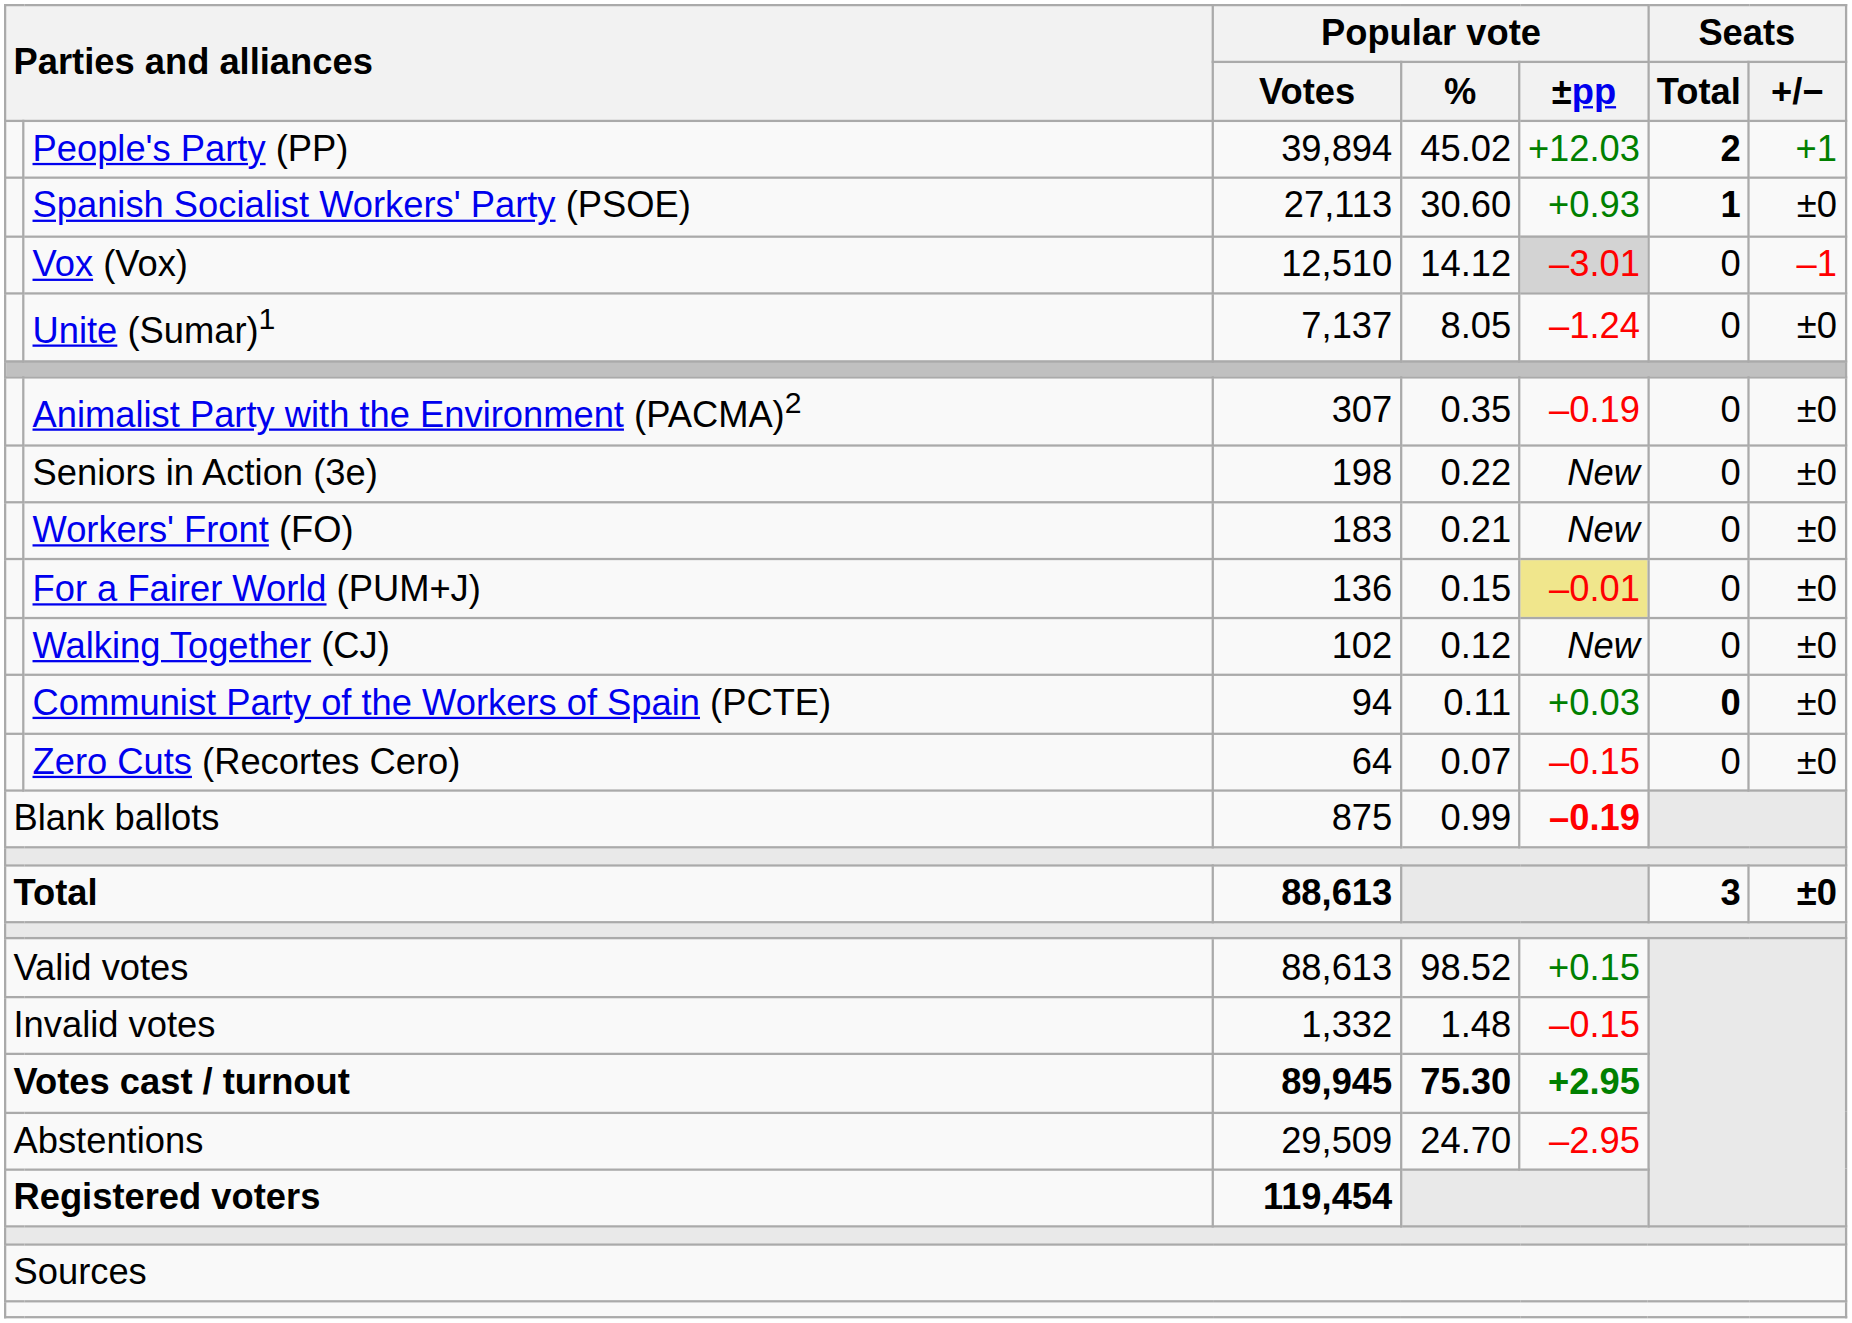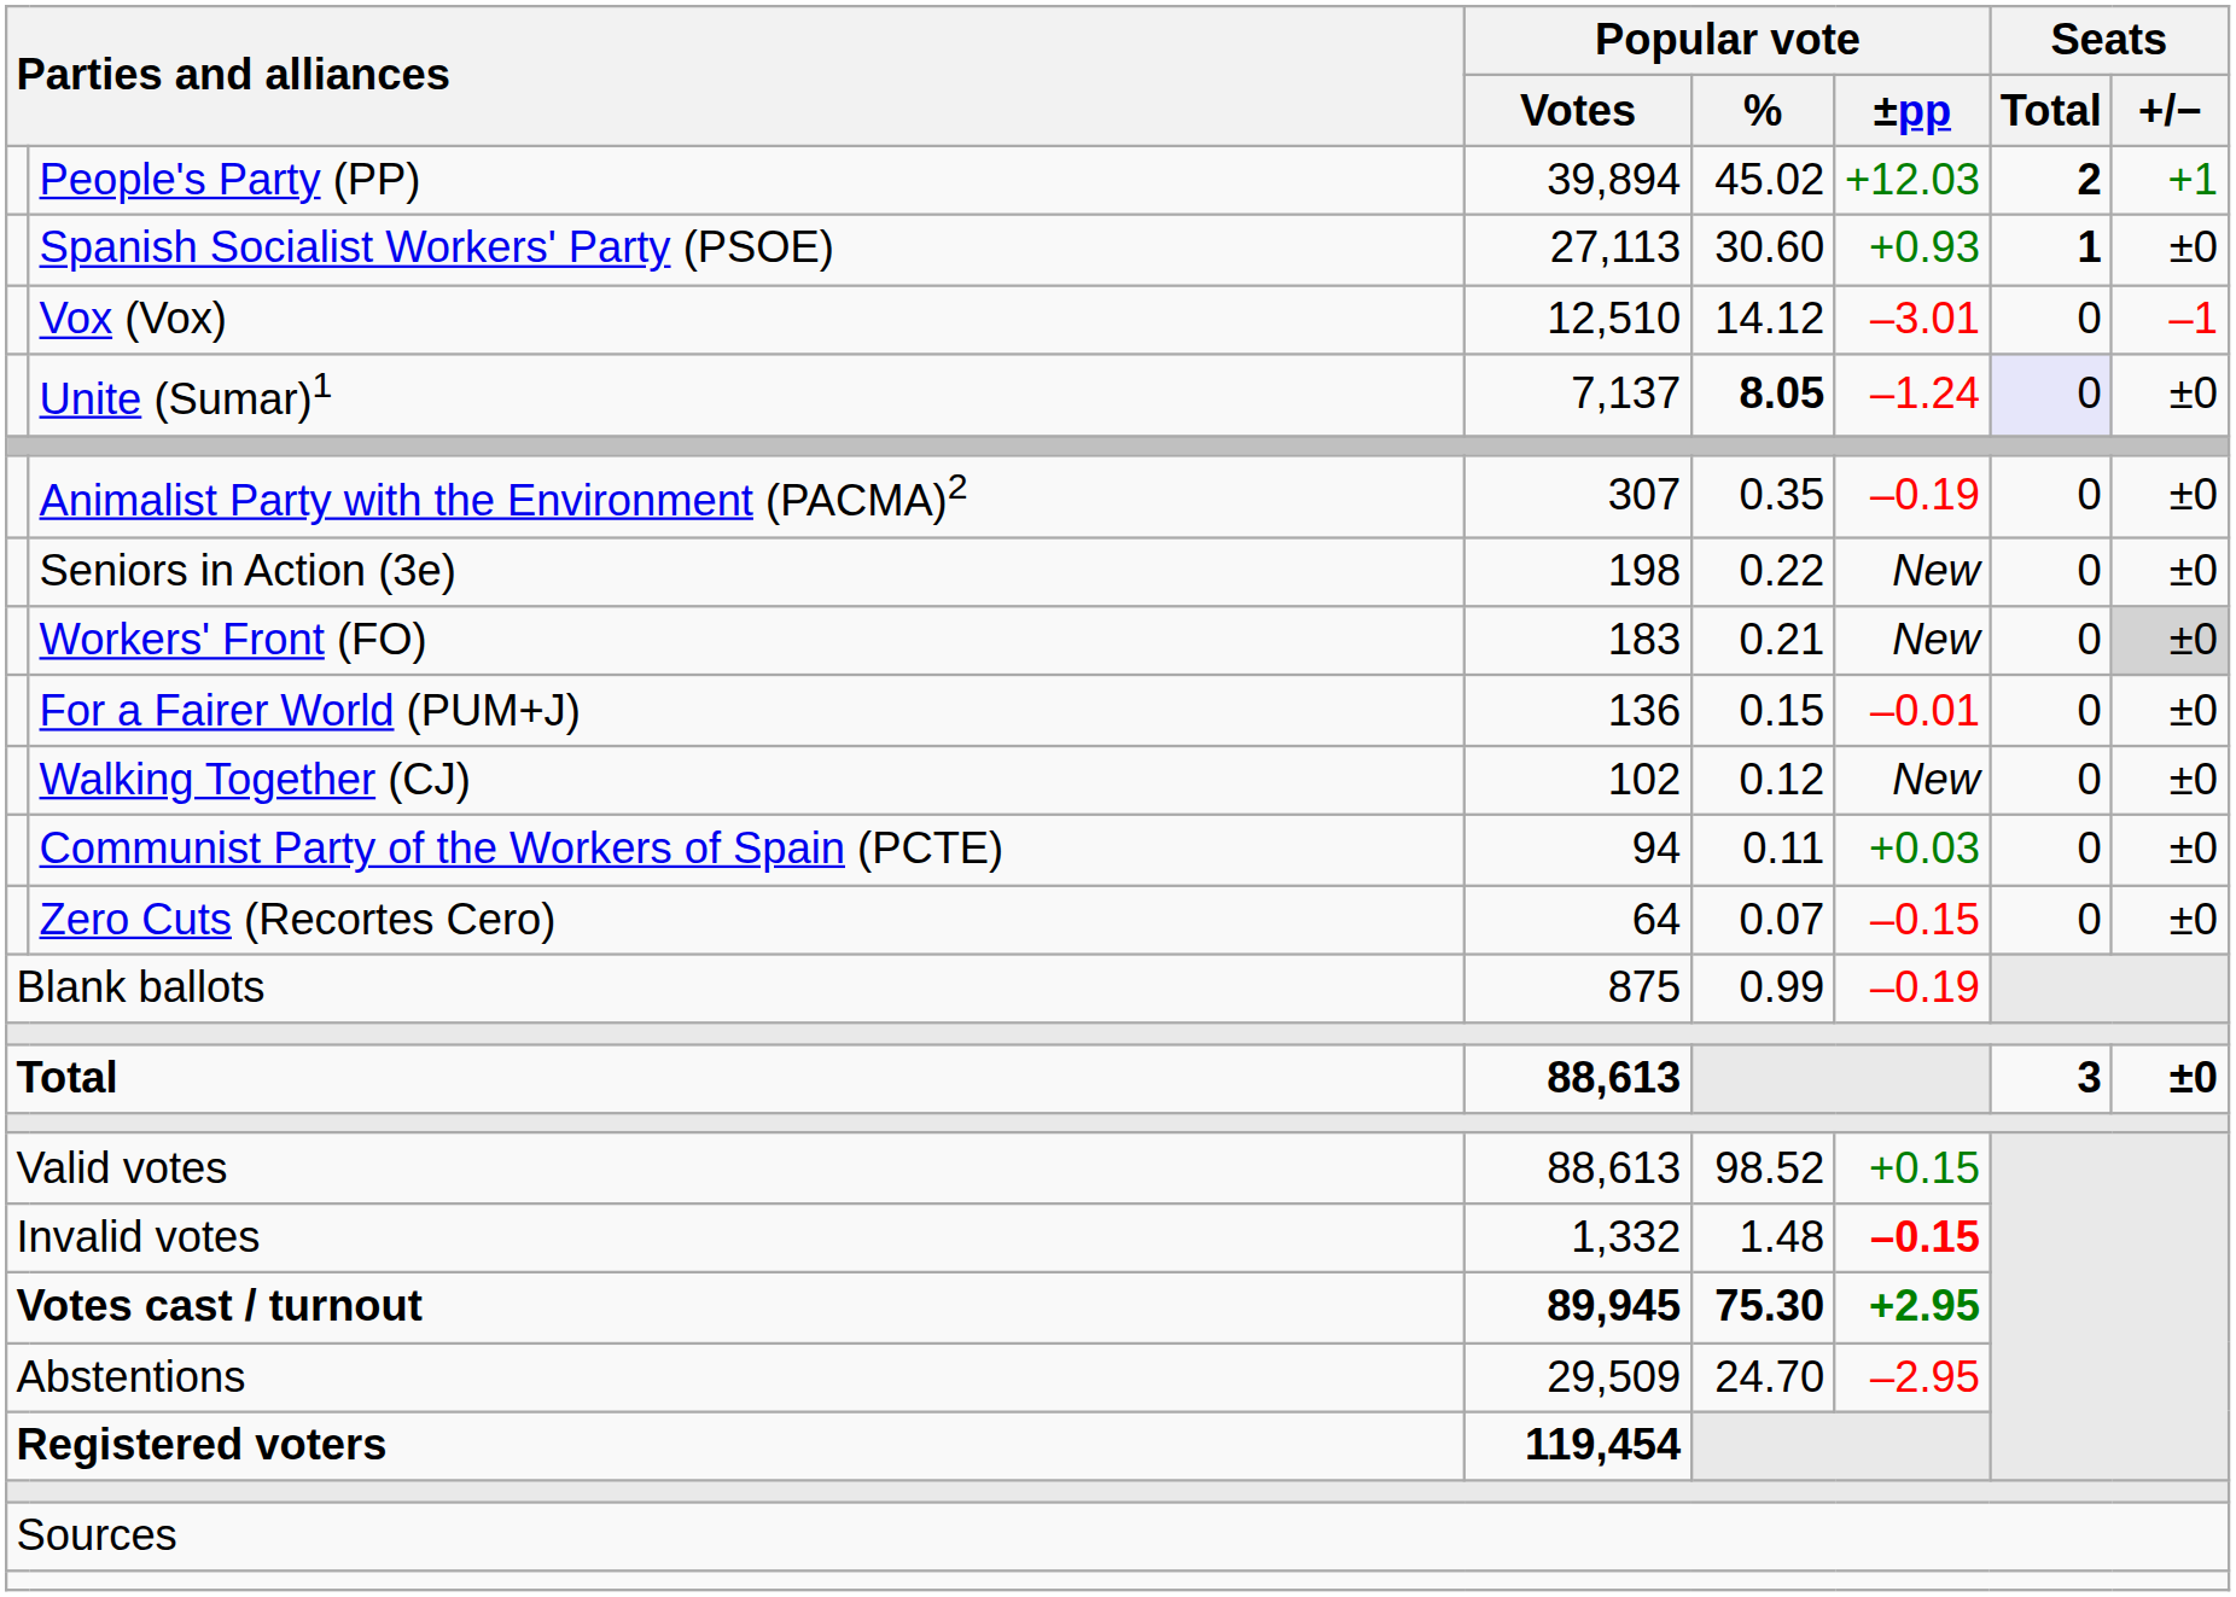 <table class="wikitable" style="text-align:right;">
 <tr>
 <th style="text-align:left;" rowspan="2" colspan="2" width="525">Parties and alliances</th>
 <th colspan="3">Popular vote</th>
 <th colspan="2">Seats</th>
 </tr>
 <tr>
 <th width="75">Votes</th>
 <th width="45">%</th>
 <th width="45">±<a href='#'>pp</a></th>
 <th width="35">Total</th>
 <th width="35">+/−</th>
 </tr>
 <tr>
 <td width="1" style="color:inherit;background:"></td>
 <td align="left"><a href='#'>People's Party</a> (PP)</td>
 <td>39,894</td>
 <td>45.02</td>
 <td style="color:green;">+12.03</td>
 <td><strong>2</strong></td>
 <td style="color:green;">+1</td>
 </tr>
 <tr>
 <td style="color:inherit;background:"></td>
 <td align="left"><a href='#'>Spanish Socialist Workers' Party</a> (PSOE)</td>
 <td>27,113</td>
 <td>30.60</td>
 <td style="color:green;">+0.93</td>
 <td><strong>1</strong></td>
 <td>±0</td>
 </tr>
 <tr>
 <td style="color:inherit;background:"></td>
 <td align="left"><a href='#'>Vox</a> (Vox)</td>
 <td>12,510</td>
 <td>14.12</td>
-<td style="background: lightgrey; color:red;">–3.01</td>
+<td style="color:red;">–3.01</td>
 <td>0</td>
 <td style="color:red;">–1</td>
 </tr>
 <tr>
 <td style="color:inherit;background:"></td>
 <td align="left"><a href='#'>Unite</a> (Sumar)<sup>1</sup></td>
 <td>7,137</td>
-<td>8.05</td>
+<td><strong>8.05</strong></td>
 <td style="color:red;">–1.24</td>
-<td>0</td>
+<td style="background: lavender;">0</td>
 <td>±0</td>
 </tr>
 <tr>
 <td colspan="7" bgcolor="#C0C0C0"></td>
 </tr>
 <tr>
 <td style="color:inherit;background:"></td>
 <td align="left"><a href='#'>Animalist Party with the Environment</a> (PACMA)<sup>2</sup></td>
 <td>307</td>
 <td>0.35</td>
 <td style="color:red;">–0.19</td>
 <td>0</td>
 <td>±0</td>
 </tr>
 <tr>
 <td style="color:inherit;background:"></td>
 <td align="left">Seniors in Action (3e)</td>
 <td>198</td>
 <td>0.22</td>
 <td><em>New</em></td>
 <td>0</td>
 <td>±0</td>
 </tr>
 <tr>
 <td style="color:inherit;background:"></td>
 <td align="left"><a href='#'>Workers' Front</a> (FO)</td>
 <td>183</td>
 <td>0.21</td>
 <td><em>New</em></td>
 <td>0</td>
-<td>±0</td>
+<td style="background: lightgrey;">±0</td>
 </tr>
 <tr>
 <td style="color:inherit;background:"></td>
 <td align="left"><a href='#'>For a Fairer World</a> (PUM+J)</td>
 <td>136</td>
 <td>0.15</td>
-<td style="background: khaki; color:red;">–0.01</td>
+<td style="color:red;">–0.01</td>
 <td>0</td>
 <td>±0</td>
 </tr>
 <tr>
 <td style="color:inherit;background:"></td>
 <td align="left"><a href='#'>Walking Together</a> (CJ)</td>
 <td>102</td>
 <td>0.12</td>
 <td><em>New</em></td>
 <td>0</td>
 <td>±0</td>
 </tr>
 <tr>
 <td style="color:inherit;background:"></td>
 <td align="left"><a href='#'>Communist Party of the Workers of Spain</a> (PCTE)</td>
 <td>94</td>
 <td>0.11</td>
 <td style="color:green;">+0.03</td>
-<td><strong>0</strong></td>
+<td>0</td>
 <td>±0</td>
 </tr>
 <tr>
 <td style="color:inherit;background:"></td>
 <td align="left"><a href='#'>Zero Cuts</a> (Recortes Cero)</td>
 <td>64</td>
 <td>0.07</td>
 <td style="color:red;">–0.15</td>
 <td>0</td>
 <td>±0</td>
 </tr>
 <tr>
 <td align="left" colspan="2">Blank ballots</td>
 <td>875</td>
 <td>0.99</td>
-<td style="color:red;"><strong>–0.19</strong></td>
+<td style="color:red;">–0.19</td>
 <td bgcolor="#E9E9E9" colspan="2"></td>
 </tr>
 <tr>
 <td colspan="7" bgcolor="#E9E9E9"></td>
 </tr>
 <tr style="font-weight:bold;">
 <td align="left" colspan="2">Total</td>
 <td>88,613</td>
 <td bgcolor="#E9E9E9" colspan="2"></td>
 <td>3</td>
 <td>±0</td>
 </tr>
 <tr>
 <td colspan="7" bgcolor="#E9E9E9"></td>
 </tr>
 <tr>
 <td align="left" colspan="2">Valid votes</td>
 <td>88,613</td>
 <td>98.52</td>
 <td style="color:green;">+0.15</td>
 <td bgcolor="#E9E9E9" colspan="2" rowspan="5"></td>
 </tr>
 <tr>
 <td align="left" colspan="2">Invalid votes</td>
 <td>1,332</td>
 <td>1.48</td>
-<td style="color:red;">–0.15</td>
+<td style="color:red;"><strong>–0.15</strong></td>
 </tr>
 <tr style="font-weight:bold;">
 <td align="left" colspan="2">Votes cast / turnout</td>
 <td>89,945</td>
 <td>75.30</td>
 <td style="color:green;">+2.95</td>
 </tr>
 <tr>
 <td align="left" colspan="2">Abstentions</td>
 <td>29,509</td>
 <td>24.70</td>
 <td style="color:red;">–2.95</td>
 </tr>
 <tr style="font-weight:bold;">
 <td align="left" colspan="2">Registered voters</td>
 <td>119,454</td>
 <td bgcolor="#E9E9E9" colspan="2"></td>
 </tr>
 <tr>
 <td colspan="7" bgcolor="#E9E9E9"></td>
 </tr>
 <tr>
 <td align="left" colspan="7">Sources</td>
 </tr>
 <tr>
 <td colspan="7" style="text-align:left; max-width:790px;"></td>
 </tr>
 </table>
